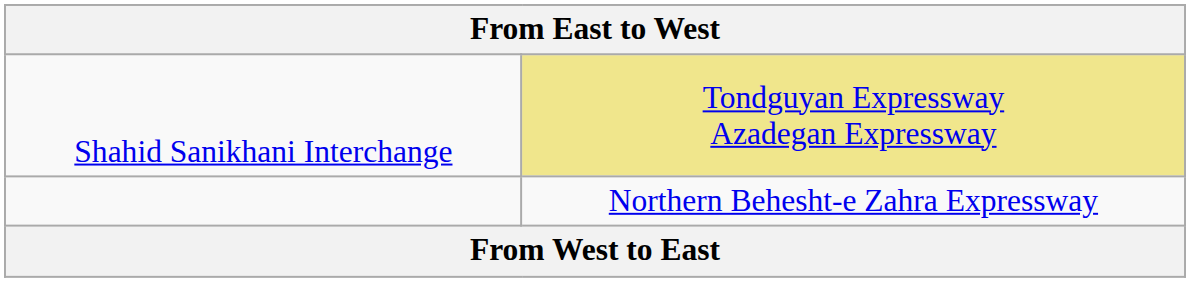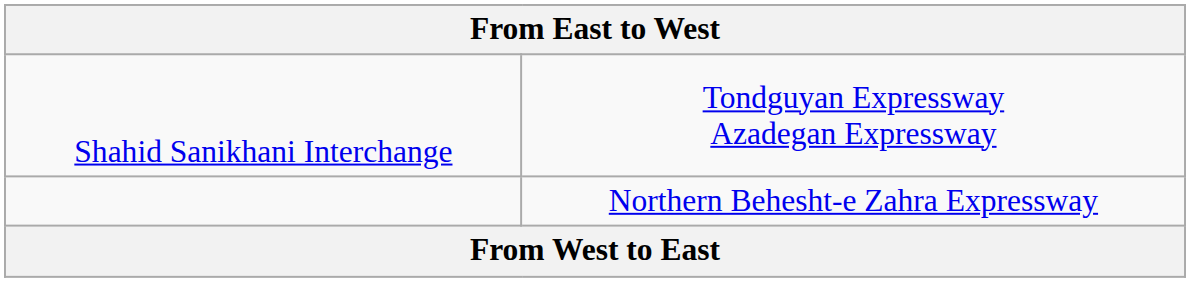 <table class="wikitable" style="text-align:center" width="600px">
 <tr>
 <th text-align="center" colspan="3"> From East to West </th>
 </tr>
 <tr>
 <td><br><br><a href='#'>Shahid Sanikhani Interchange</a></td>
-<td style="background: khaki;"> <a href='#'>Tondguyan Expressway</a><br> <a href='#'>Azadegan Expressway</a></td>
+<td> <a href='#'>Tondguyan Expressway</a><br> <a href='#'>Azadegan Expressway</a></td>
 </tr>
 <tr>
 <td><br></td>
 <td><a href='#'>Northern Behesht-e Zahra Expressway</a></td>
 </tr>
 <tr>
 <th text-align="center" colspan="3"> From West to East </th>
 </tr>
 </table>
